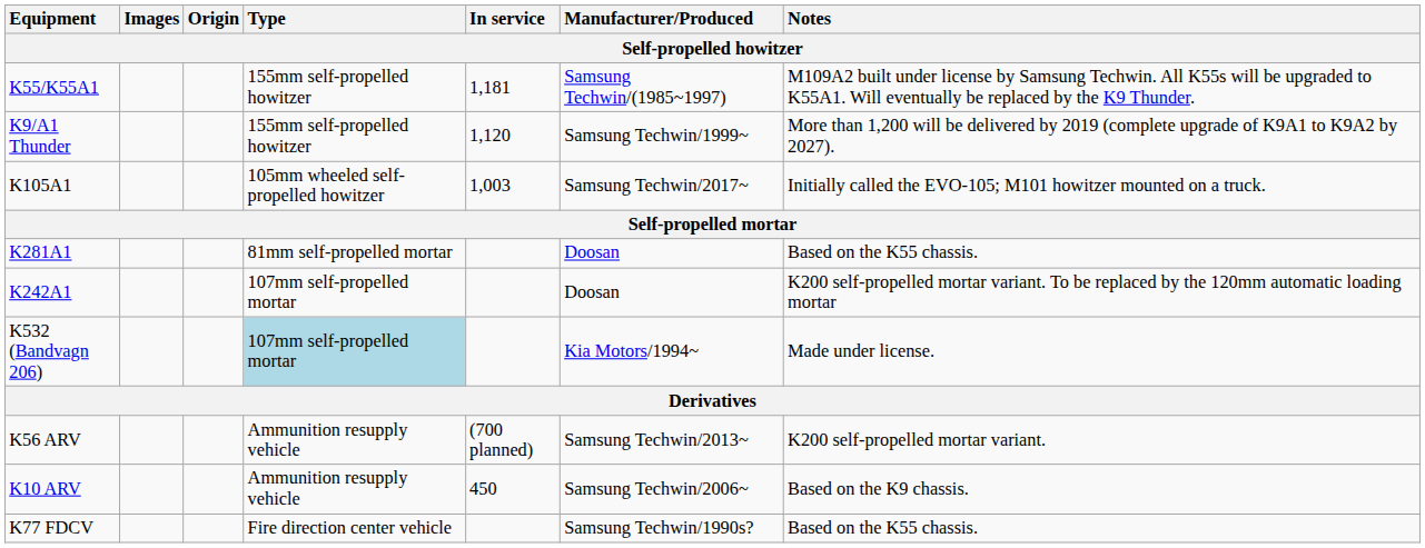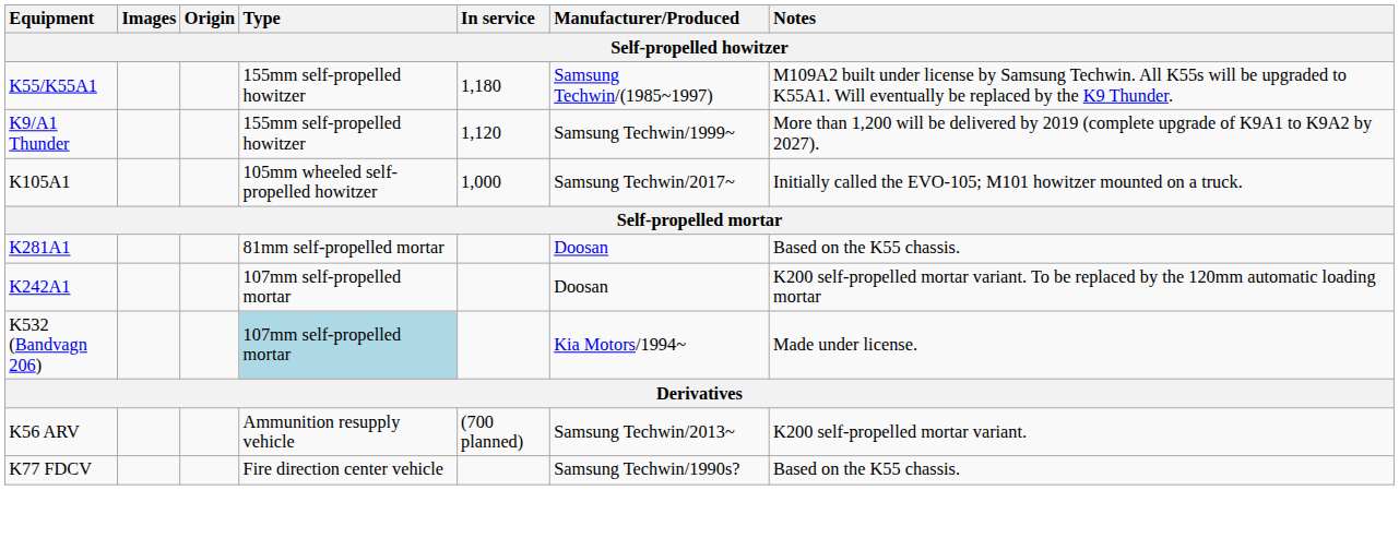 <table class="wikitable sortable">
 <tr>
 <th style="text-align:left;">Equipment</th>
 <th>Images</th>
 <th>Origin</th>
 <th style="text-align:left;">Type</th>
 <th style="text-align:left;">In service</th>
 <th style="text-align:left;">Manufacturer/Produced</th>
 <th style="text-align:left;">Notes</th>
 </tr>
 <tr>
 <th colspan="7" style="align: center;">Self-propelled howitzer</th>
 </tr>
 <tr>
 <td><a href='#'>K55/K55A1</a></td>
 <td></td>
 <td><br></td>
 <td>155mm self-propelled howitzer</td>
-<td>1,181</td>
+<td>1,180</td>
 <td><a href='#'>Samsung Techwin</a>/(1985~1997)</td>
 <td>M109A2 built under license by Samsung Techwin. All K55s will be upgraded to K55A1. Will eventually be replaced by the <a href='#'>K9 Thunder</a>.</td>
 </tr>
 <tr>
 <td><a href='#'>K9/A1 Thunder</a></td>
 <td></td>
 <td></td>
 <td>155mm self-propelled howitzer</td>
 <td>1,120</td>
 <td>Samsung Techwin/1999~</td>
 <td>More than 1,200 will be delivered by 2019 (complete upgrade of K9A1 to K9A2 by 2027).</td>
 </tr>
 <tr>
 <td>K105A1</td>
 <td></td>
 <td></td>
 <td>105mm wheeled self-propelled howitzer</td>
-<td>1,003</td>
+<td>1,000</td>
 <td>Samsung Techwin/2017~</td>
 <td>Initially called the EVO-105; M101 howitzer mounted on a truck.</td>
 </tr>
 <tr>
 <th colspan="7">Self-propelled mortar</th>
 </tr>
 <tr>
 <td><a href='#'>K281A1</a></td>
 <td></td>
 <td></td>
 <td>81mm self-propelled mortar</td>
 <td></td>
 <td><a href='#'>Doosan</a></td>
 <td>Based on the K55 chassis.</td>
 </tr>
 <tr>
 <td><a href='#'>K242A1</a></td>
 <td></td>
 <td></td>
 <td>107mm self-propelled mortar</td>
 <td></td>
 <td>Doosan</td>
 <td>K200 self-propelled mortar variant. To be replaced by the 120mm automatic loading mortar</td>
 </tr>
 <tr>
 <td>K532<br>(<a href='#'>Bandvagn 206</a>)</td>
 <td></td>
 <td><br></td>
 <td style="background: lightblue;">107mm self-propelled mortar</td>
 <td></td>
 <td><a href='#'>Kia Motors</a>/1994~</td>
 <td>Made under license.</td>
 </tr>
 <tr>
 <th colspan="7" style="align: center;">Derivatives</th>
 </tr>
 <tr>
 <td>K56 ARV</td>
 <td></td>
 <td></td>
 <td>Ammunition resupply vehicle</td>
 <td>(700 planned)</td>
 <td>Samsung Techwin/2013~</td>
 <td>K200 self-propelled mortar variant.</td>
 </tr>
 <tr>
-<td><a href='#'>K10 ARV</a></td>
-<td></td>
-<td></td>
-<td>Ammunition resupply vehicle</td>
-<td>450</td>
-<td>Samsung Techwin/2006~</td>
-<td>Based on the K9 chassis.</td>
-</tr>
-<tr>
 <td>K77 FDCV</td>
 <td></td>
 <td></td>
 <td>Fire direction center vehicle</td>
 <td></td>
 <td>Samsung Techwin/1990s?</td>
 <td>Based on the K55 chassis.</td>
 </tr>
 </table>
